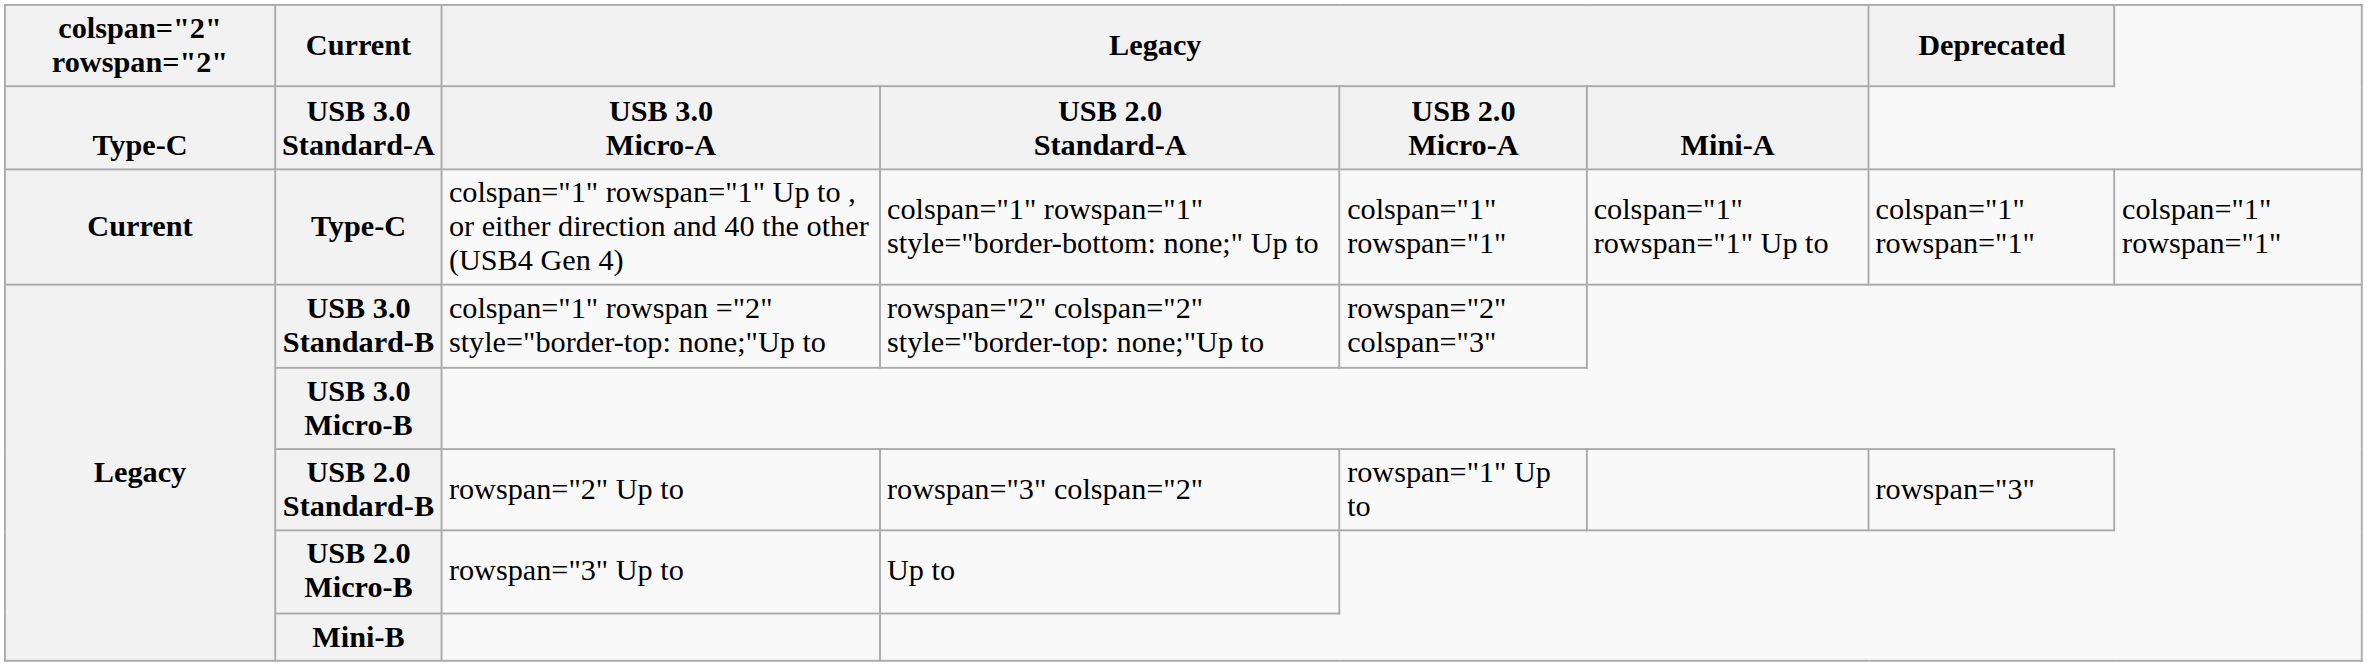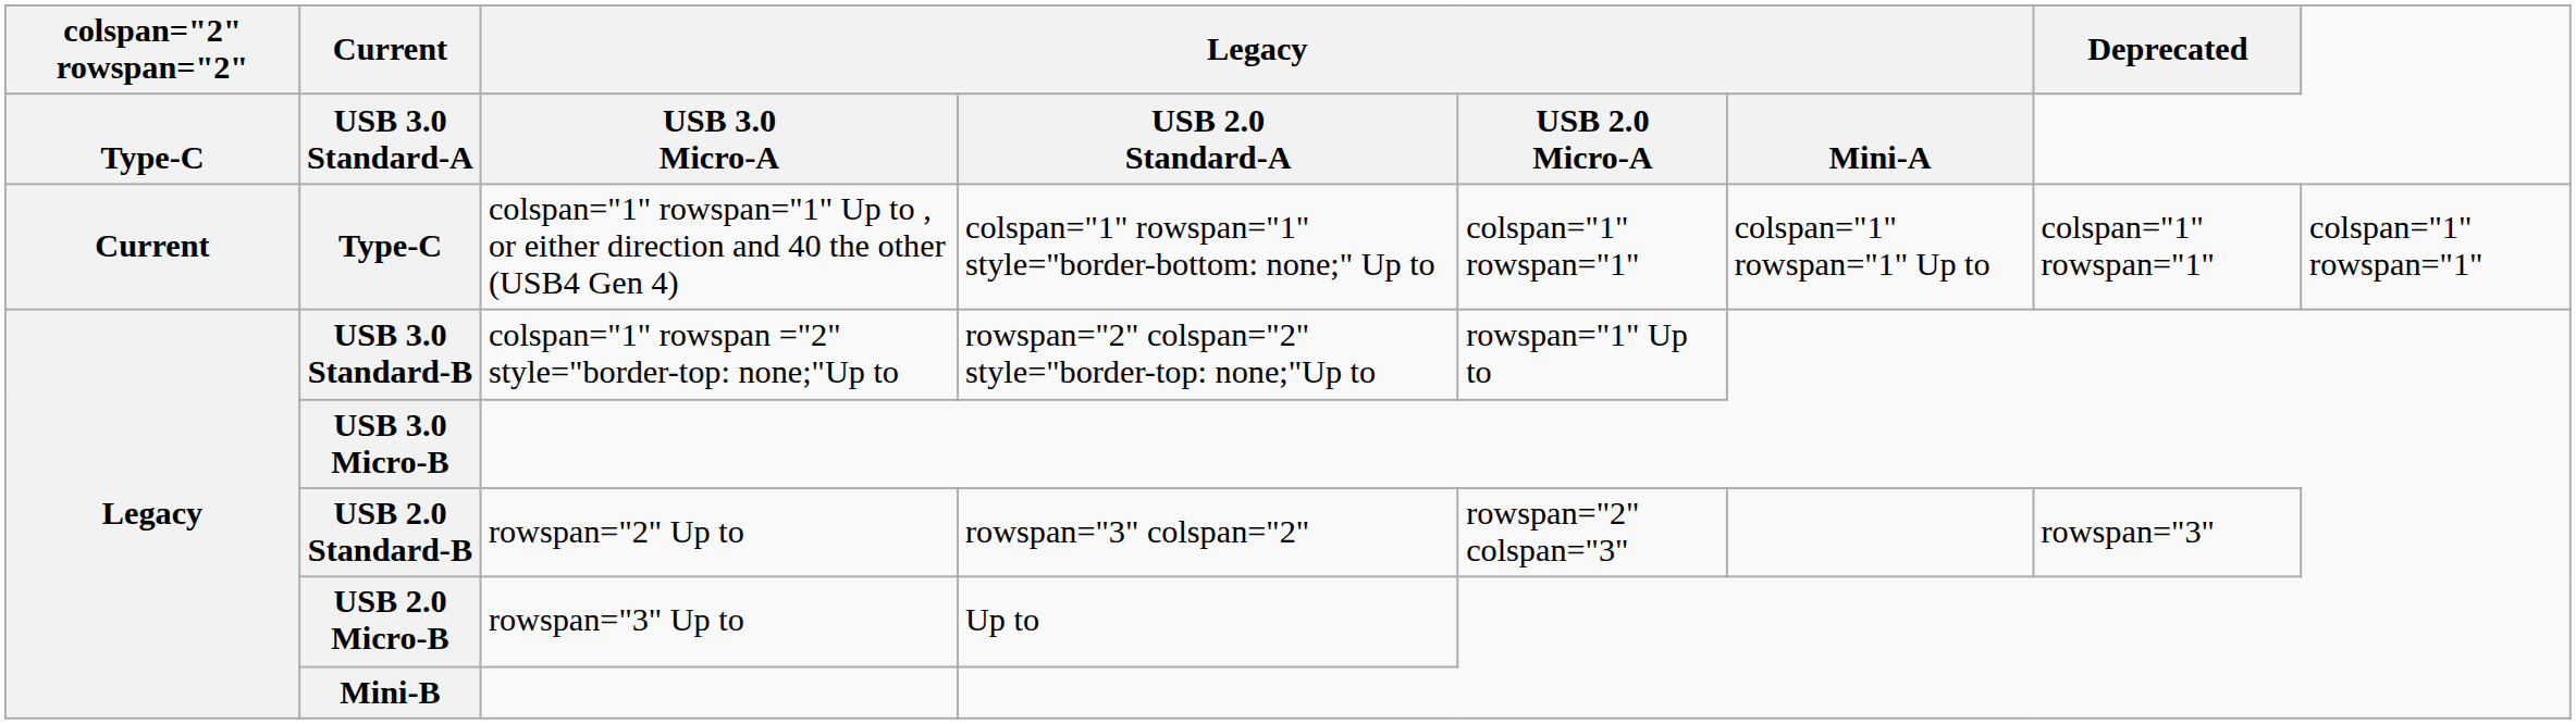 <table class="wikitable" summary="Table showing all allowed USB cables. The only modern USB cable has a Type‑C plug at each end; all others are designated ">
 <tr>
 <th>colspan="2" rowspan="2" </th>
 <th colspan="1">Current</th>
 <th colspan="4">Legacy</th>
 <th colspan="1">Deprecated</th>
 </tr>
 <tr>
 <th rowspan="1" style="vertical-align:bottom">Type-C<br></th>
 <th colspan="1" style="vertical-align:bottom">USB 3.0<br>Standard‑A<br></th>
 <th colspan="1" style="vertical-align:bottom">USB 3.0<br>Micro‑A<br></th>
 <th colspan="1" style="vertical-align:bottom">USB 2.0<br>Standard‑A<br></th>
 <th colspan="1" style="vertical-align:bottom">USB 2.0<br>Micro‑A<br></th>
 <th colspan="1" style="vertical-align:bottom">Mini‑A<br></th>
 </tr>
 <tr>
 <th colspan="1" rowspan="1">Current</th>
 <th colspan="1" rowspan="1">Type-C<br></th>
 <td>colspan="1" rowspan="1" Up to ,<br>or  either direction and 40 the other<br>(USB4 Gen 4)</td>
 <td>colspan="1" rowspan="1" style="border-bottom: none;" Up to <br></td>
 <td>colspan="1" rowspan="1" </td>
 <td>colspan="1" rowspan="1" Up to   </td>
 <td>colspan="1" rowspan="1" </td>
 <td>colspan="1" rowspan="1" </td>
 </tr>
 <tr>
 <th rowspan="6">Legacy</th>
 <th rowspan="1" style="vertical-align: bottom;">USB 3.0<br>Standard‑B<br></th>
 <td>colspan="1" rowspan ="2" style="border-top: none;"Up to <br></td>
 <td>rowspan="2" colspan="2" style="border-top: none;"Up to <br></td>
-<td>rowspan="2" colspan="3" </td>
+<td>rowspan="1" Up to   </td>
 </tr>
 <tr>
 <th rowspan="1" style="vertical-align: bottom;">USB 3.0<br>Micro‑B<br></th>
 </tr>
 <tr>
 <th rowspan="1" style="vertical-align: bottom;">USB 2.0<br>Standard‑B<br></th>
 <td>rowspan="2" Up to   </td>
 <td>rowspan="3" colspan="2" </td>
-<td>rowspan="1" Up to   </td>
+<td>rowspan="2" colspan="3" </td>
 <td></td>
 <td>rowspan="3" </td>
 </tr>
 <tr>
 <th rowspan="1" style="vertical-align: bottom;">USB 2.0<br>Micro‑B<br></th>
 <td>rowspan="3" Up to   </td>
 <td>Up to   </td>
 </tr>
 <tr>
 <th rowspan="1" colspan="1" style="vertical-align: bottom;">Mini‑B<br></th>
 <td></td>
 </tr>
 </table>
